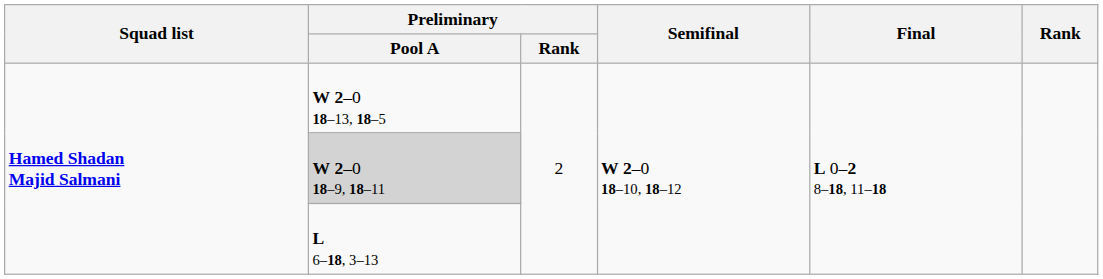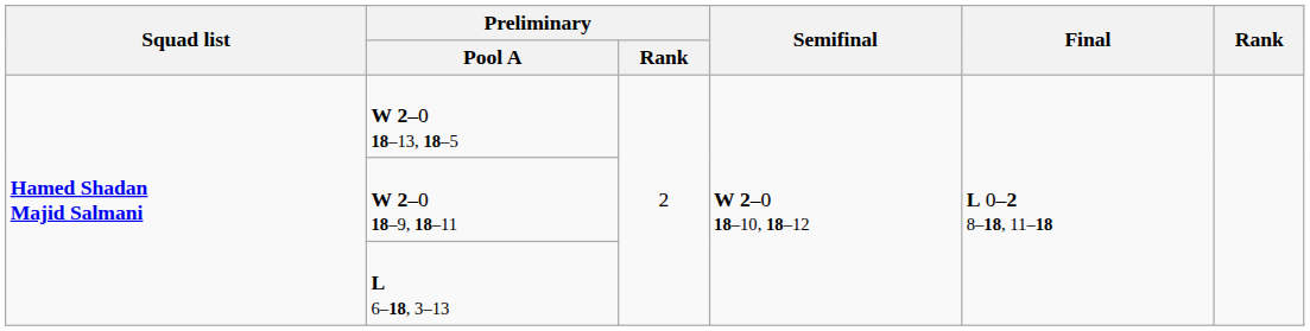 <table class="wikitable" width="71%" style="text-align:left; font-size:90%">
 <tr>
 <th rowspan="2" width="20%">Squad list</th>
 <th colspan="2">Preliminary</th>
 <th rowspan="2" width="14%">Semifinal</th>
 <th rowspan="2" width="14%">Final</th>
 <th rowspan="2" width="5%">Rank</th>
 </tr>
 <tr>
 <th width="14%">Pool A</th>
 <th width="5%">Rank</th>
 </tr>
 <tr>
 <td rowspan=3><strong><a href='#'>Hamed Shadan</a><br><a href='#'>Majid Salmani</a></strong></td>
 <td><br><strong>W</strong> <strong>2</strong>–0<br><small><strong>18</strong>–13, <strong>18</strong>–5</small></td>
 <td rowspan=3 align=center>2 <strong></strong></td>
 <td rowspan=3><br><strong>W</strong> <strong>2</strong>–0<br><small><strong>18</strong>–10, <strong>18</strong>–12</small></td>
 <td rowspan=3><br><strong>L</strong> 0–<strong>2</strong><br><small>8–<strong>18</strong>, 11–<strong>18</strong></small></td>
 <td rowspan=3 align="center"></td>
 </tr>
 <tr>
-<td style="background: lightgrey;"><br><strong>W</strong> <strong>2</strong>–0<br><small><strong>18</strong>–9, <strong>18</strong>–11</small></td>
+<td><br><strong>W</strong> <strong>2</strong>–0<br><small><strong>18</strong>–9, <strong>18</strong>–11</small></td>
 </tr>
 <tr>
 <td><br><strong>L</strong> <br><small>6–<strong>18</strong>, 3–13</small></td>
 </tr>
 </table>
